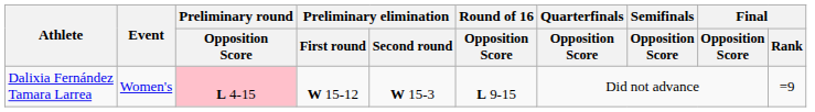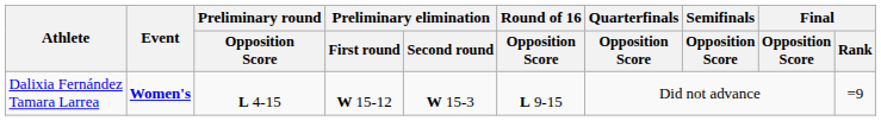 <table class=wikitable style="font-size:90%">
 <tr>
 <th rowspan="2">Athlete</th>
 <th rowspan="2">Event</th>
 <th>Preliminary round</th>
 <th colspan="2">Preliminary elimination</th>
 <th>Round of 16</th>
 <th>Quarterfinals</th>
 <th>Semifinals</th>
 <th colspan=2>Final</th>
 </tr>
 <tr style="font-size:95%">
 <th>Opposition<br>Score</th>
 <th>First round</th>
 <th>Second round</th>
 <th>Opposition<br>Score</th>
 <th>Opposition<br>Score</th>
 <th>Opposition<br>Score</th>
 <th>Opposition<br>Score</th>
 <th>Rank</th>
 </tr>
 <tr align=center>
 <td align=left><a href='#'>Dalixia Fernández</a><br><a href='#'>Tamara Larrea</a></td>
-<td align=left><a href='#'>Women's</a></td>
-<td style="background: pink;"><br><strong>L</strong> 4-15</td>
+<td align=left><strong><a href='#'>Women's</a></strong></td>
+<td><br><strong>L</strong> 4-15</td>
 <td><br><strong>W</strong> 15-12</td>
 <td><br><strong>W</strong> 15-3</td>
 <td><br><strong>L</strong> 9-15</td>
 <td colspan=3>Did not advance</td>
 <td>=9</td>
 </tr>
 </table>
